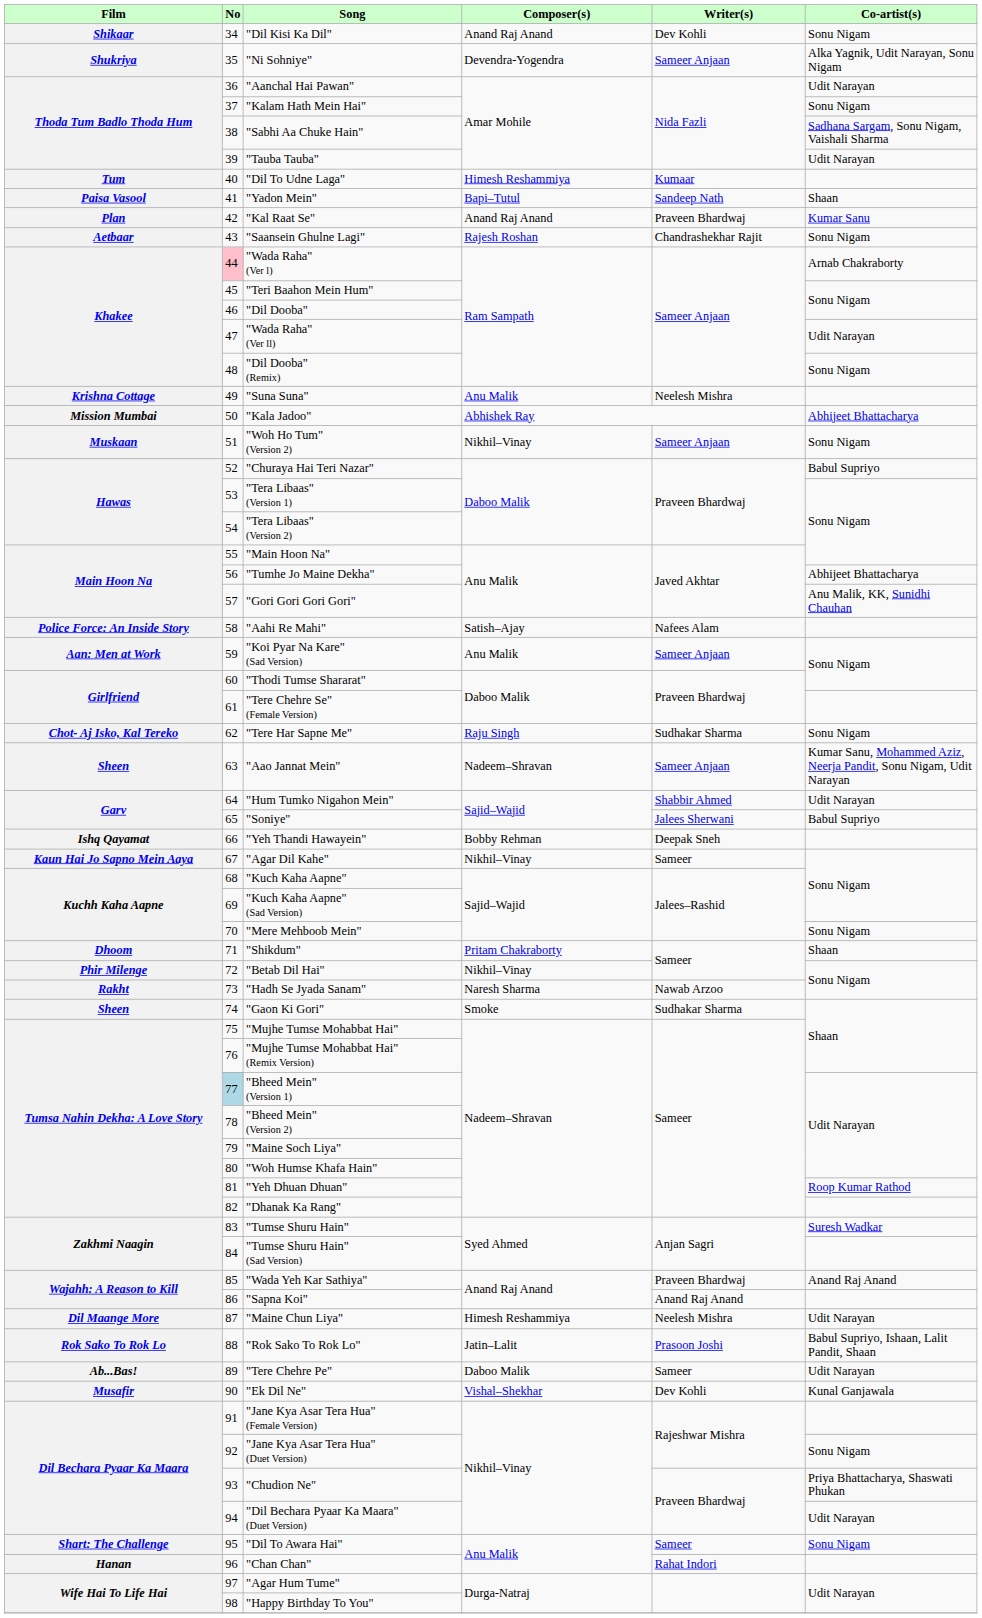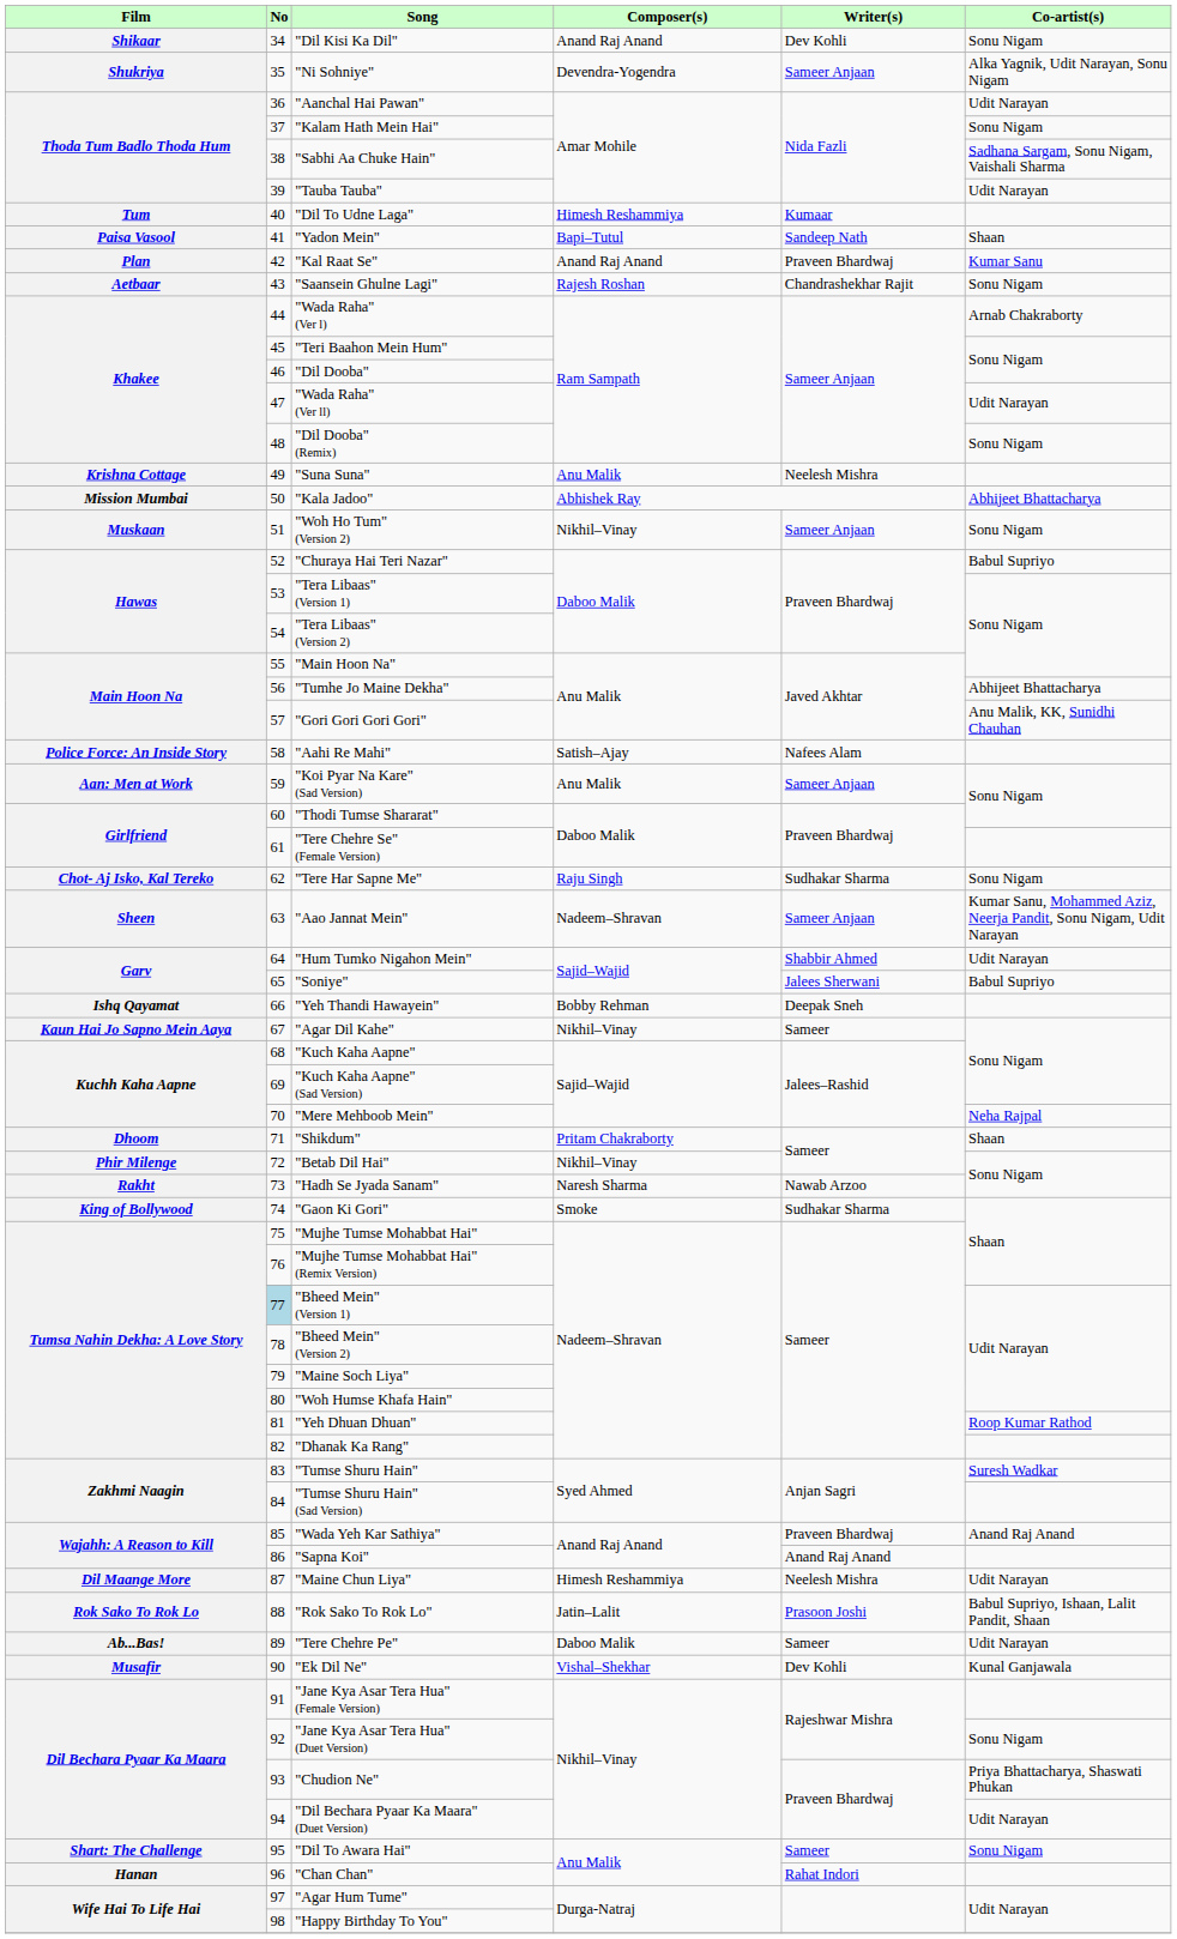 <table class="wikitable plainrowheaders" style="width:100%; textcolor:#000">
 <tr style="background:#cfc; text-align:center;">
 <td scope="col" style="width:23%;"><strong>Film</strong></td>
 <td><strong>No</strong></td>
 <td scope="col" style="width:23%;"><strong>Song</strong></td>
 <td scope="col" style="width:20%;"><strong>Composer(s)</strong></td>
 <td scope="col" style="width:16%;"><strong>Writer(s)</strong></td>
 <td scope="col" style="width:18%;"><strong>Co-artist(s)</strong></td>
 </tr>
 <tr>
 <th scope="row"><em><a href='#'>Shikaar</a></em></th>
 <td>34</td>
 <td>"Dil Kisi Ka Dil"</td>
 <td>Anand Raj Anand</td>
 <td>Dev Kohli</td>
 <td>Sonu Nigam</td>
 </tr>
 <tr>
 <th scope="row"><em><a href='#'>Shukriya</a></em></th>
 <td>35</td>
 <td>"Ni Sohniye"</td>
 <td>Devendra-Yogendra</td>
 <td><a href='#'>Sameer Anjaan</a></td>
 <td>Alka Yagnik, Udit Narayan, Sonu Nigam</td>
 </tr>
 <tr>
 <th scope="row" rowspan="4"><em><a href='#'>Thoda Tum Badlo Thoda Hum</a></em></th>
 <td>36</td>
 <td>"Aanchal Hai Pawan"</td>
 <td rowspan="4">Amar Mohile</td>
 <td rowspan="4"><a href='#'>Nida Fazli</a></td>
 <td>Udit Narayan</td>
 </tr>
 <tr>
 <td>37</td>
 <td>"Kalam Hath Mein Hai"</td>
 <td>Sonu Nigam</td>
 </tr>
 <tr>
 <td>38</td>
 <td>"Sabhi Aa Chuke Hain"</td>
 <td><a href='#'>Sadhana Sargam</a>, Sonu Nigam, Vaishali Sharma</td>
 </tr>
 <tr>
 <td>39</td>
 <td>"Tauba Tauba"</td>
 <td>Udit Narayan</td>
 </tr>
 <tr>
 <th scope="row"><em><a href='#'>Tum</a></em></th>
 <td>40</td>
 <td>"Dil To Udne Laga"</td>
 <td><a href='#'>Himesh Reshammiya</a></td>
 <td><a href='#'>Kumaar</a></td>
 <td></td>
 </tr>
 <tr>
 <th scope="row"><em><a href='#'>Paisa Vasool</a></em></th>
 <td>41</td>
 <td>"Yadon Mein"</td>
 <td><a href='#'>Bapi–Tutul</a></td>
 <td><a href='#'>Sandeep Nath</a></td>
 <td>Shaan</td>
 </tr>
 <tr>
 <th scope="row"><em><a href='#'>Plan</a></em></th>
 <td>42</td>
 <td>"Kal Raat Se"</td>
 <td>Anand Raj Anand</td>
 <td>Praveen Bhardwaj</td>
 <td><a href='#'>Kumar Sanu</a></td>
 </tr>
 <tr>
 <th scope="row"><em><a href='#'>Aetbaar</a></em></th>
 <td>43</td>
 <td>"Saansein Ghulne Lagi"</td>
 <td><a href='#'>Rajesh Roshan</a></td>
 <td>Chandrashekhar Rajit</td>
 <td>Sonu Nigam</td>
 </tr>
 <tr>
 <th scope="row" rowspan="5"><em><a href='#'>Khakee</a></em></th>
-<td style="background: pink;">44</td>
+<td>44</td>
 <td>"Wada Raha"<br><small>(Ver l)</small></td>
 <td rowspan="5"><a href='#'>Ram Sampath</a></td>
 <td rowspan="5"><a href='#'>Sameer Anjaan</a></td>
 <td>Arnab Chakraborty</td>
 </tr>
 <tr>
 <td>45</td>
 <td>"Teri Baahon Mein Hum"</td>
 <td rowspan="2">Sonu Nigam</td>
 </tr>
 <tr>
 <td>46</td>
 <td>"Dil Dooba"</td>
 </tr>
 <tr>
 <td>47</td>
 <td>"Wada Raha"<br><small>(Ver ll)</small></td>
 <td>Udit Narayan</td>
 </tr>
 <tr>
 <td>48</td>
 <td>"Dil Dooba"<br><small>(Remix)</small></td>
 <td>Sonu Nigam</td>
 </tr>
 <tr>
 <th scope="row"><em><a href='#'>Krishna Cottage</a></em></th>
 <td>49</td>
 <td>"Suna Suna"</td>
 <td><a href='#'>Anu Malik</a></td>
 <td>Neelesh Mishra</td>
 <td></td>
 </tr>
 <tr>
 <th scope="row"><em>Mission Mumbai</em></th>
 <td>50</td>
 <td>"Kala Jadoo"</td>
 <td colspan="2"><a href='#'>Abhishek Ray</a></td>
 <td><a href='#'>Abhijeet Bhattacharya</a></td>
 </tr>
 <tr>
 <th scope="row"><em><a href='#'>Muskaan</a></em></th>
 <td>51</td>
 <td>"Woh Ho Tum"<br><small>(Version 2)</small></td>
 <td>Nikhil–Vinay</td>
 <td><a href='#'>Sameer Anjaan</a></td>
 <td>Sonu Nigam</td>
 </tr>
 <tr>
 <th scope="row" rowspan="3"><em><a href='#'>Hawas</a></em></th>
 <td>52</td>
 <td>"Churaya Hai Teri Nazar"</td>
 <td rowspan="3"><a href='#'>Daboo Malik</a></td>
 <td rowspan="3">Praveen Bhardwaj</td>
 <td>Babul Supriyo</td>
 </tr>
 <tr>
 <td>53</td>
 <td>"Tera Libaas"<br><small>(Version 1)</small></td>
 <td rowspan="3">Sonu Nigam</td>
 </tr>
 <tr>
 <td>54</td>
 <td>"Tera Libaas"<br><small>(Version 2)</small></td>
 </tr>
 <tr>
 <th scope="row" rowspan="3"><em><a href='#'>Main Hoon Na</a></em></th>
 <td>55</td>
 <td>"Main Hoon Na"</td>
 <td rowspan="3">Anu Malik</td>
 <td rowspan="3">Javed Akhtar</td>
 </tr>
 <tr>
 <td>56</td>
 <td>"Tumhe Jo Maine Dekha"</td>
 <td>Abhijeet Bhattacharya</td>
 </tr>
 <tr>
 <td>57</td>
 <td>"Gori Gori Gori Gori"</td>
 <td>Anu Malik, KK, <a href='#'>Sunidhi Chauhan</a></td>
 </tr>
 <tr>
 <th scope="row"><em><a href='#'>Police Force: An Inside Story</a></em></th>
 <td>58</td>
 <td>"Aahi Re Mahi"</td>
 <td>Satish–Ajay</td>
 <td>Nafees Alam</td>
 <td></td>
 </tr>
 <tr>
 <th scope="row"><em><a href='#'>Aan: Men at Work</a></em></th>
 <td>59</td>
 <td>"Koi Pyar Na Kare"<br><small>(Sad Version)</small></td>
 <td>Anu Malik</td>
 <td><a href='#'>Sameer Anjaan</a></td>
 <td rowspan="2">Sonu Nigam</td>
 </tr>
 <tr>
 <th scope="row" rowspan="2"><em><a href='#'>Girlfriend</a></em></th>
 <td>60</td>
 <td>"Thodi Tumse Shararat"</td>
 <td rowspan="2">Daboo Malik</td>
 <td rowspan="2">Praveen Bhardwaj</td>
 </tr>
 <tr>
 <td>61</td>
 <td>"Tere Chehre Se"<br><small>(Female Version)</small></td>
 <td></td>
 </tr>
 <tr>
 <th scope="row"><em><a href='#'>Chot- Aj Isko, Kal Tereko</a></em></th>
 <td>62</td>
 <td>"Tere Har Sapne Me"</td>
 <td><a href='#'>Raju Singh</a></td>
 <td>Sudhakar Sharma</td>
 <td>Sonu Nigam</td>
 </tr>
 <tr>
 <th scope="row"><em><a href='#'>Sheen</a></em></th>
 <td>63</td>
 <td>"Aao Jannat Mein"</td>
 <td>Nadeem–Shravan</td>
 <td><a href='#'>Sameer Anjaan</a></td>
 <td>Kumar Sanu, <a href='#'>Mohammed Aziz</a>, <a href='#'>Neerja Pandit</a>, Sonu Nigam, Udit Narayan</td>
 </tr>
 <tr>
 <th scope="row" rowspan="2"><em><a href='#'>Garv</a></em></th>
 <td>64</td>
 <td>"Hum Tumko Nigahon Mein"</td>
 <td rowspan="2"><a href='#'>Sajid–Wajid</a></td>
 <td><a href='#'>Shabbir Ahmed</a></td>
 <td>Udit Narayan</td>
 </tr>
 <tr>
 <td>65</td>
 <td>"Soniye"</td>
 <td><a href='#'>Jalees Sherwani</a></td>
 <td>Babul Supriyo</td>
 </tr>
 <tr>
 <th scope="row"><em>Ishq Qayamat</em></th>
 <td>66</td>
 <td>"Yeh Thandi Hawayein"</td>
 <td>Bobby Rehman</td>
 <td>Deepak Sneh</td>
 <td></td>
 </tr>
 <tr>
 <th scope="row"><em><a href='#'>Kaun Hai Jo Sapno Mein Aaya</a></em></th>
 <td>67</td>
 <td>"Agar Dil Kahe"</td>
 <td>Nikhil–Vinay</td>
 <td>Sameer</td>
 <td rowspan="3">Sonu Nigam</td>
 </tr>
 <tr>
 <th scope="row" rowspan="3"><em>Kuchh Kaha Aapne</em></th>
 <td>68</td>
 <td>"Kuch Kaha Aapne"</td>
 <td rowspan="3">Sajid–Wajid</td>
 <td rowspan="3">Jalees–Rashid</td>
 </tr>
 <tr>
 <td>69</td>
 <td>"Kuch Kaha Aapne"<br><small>(Sad Version)</small></td>
 </tr>
 <tr>
 <td>70</td>
 <td>"Mere Mehboob Mein"</td>
-<td>Sonu Nigam</td>
+<td><a href='#'>Neha Rajpal</a></td>
 </tr>
 <tr>
 <th scope="row"><em><a href='#'>Dhoom</a></em></th>
 <td>71</td>
 <td>"Shikdum"</td>
 <td><a href='#'>Pritam Chakraborty</a></td>
 <td rowspan="2">Sameer</td>
 <td>Shaan</td>
 </tr>
 <tr>
 <th scope="row"><em><a href='#'>Phir Milenge</a></em></th>
 <td>72</td>
 <td>"Betab Dil Hai"</td>
 <td>Nikhil–Vinay</td>
 <td rowspan="2">Sonu Nigam</td>
 </tr>
 <tr>
 <th scope="row"><em><a href='#'>Rakht</a></em></th>
 <td>73</td>
 <td>"Hadh Se Jyada Sanam"</td>
 <td>Naresh Sharma</td>
 <td>Nawab Arzoo</td>
 </tr>
 <tr>
-<th scope="row"><em><a href='#'>Sheen</a></em></th>
+<th scope="row"><em><a href='#'>King of Bollywood</a></em></th>
 <td>74</td>
 <td>"Gaon Ki Gori"</td>
 <td>Smoke</td>
 <td>Sudhakar Sharma</td>
 <td rowspan="3">Shaan</td>
 </tr>
 <tr>
 <th scope="row" rowspan="8"><em><a href='#'>Tumsa Nahin Dekha: A Love Story</a></em></th>
 <td>75</td>
 <td>"Mujhe Tumse Mohabbat Hai"</td>
 <td rowspan="8">Nadeem–Shravan</td>
 <td rowspan="8">Sameer</td>
 </tr>
 <tr>
 <td>76</td>
 <td>"Mujhe Tumse Mohabbat Hai"<br><small>(Remix Version)</small></td>
 </tr>
 <tr>
 <td style="background: lightblue;">77</td>
 <td>"Bheed Mein"<br><small>(Version 1)</small></td>
 <td rowspan="4">Udit Narayan</td>
 </tr>
 <tr>
 <td>78</td>
 <td>"Bheed Mein"<br><small>(Version 2)</small></td>
 </tr>
 <tr>
 <td>79</td>
 <td>"Maine Soch Liya"</td>
 </tr>
 <tr>
 <td>80</td>
 <td>"Woh Humse Khafa Hain"</td>
 </tr>
 <tr>
 <td>81</td>
 <td>"Yeh Dhuan Dhuan"</td>
 <td><a href='#'>Roop Kumar Rathod</a></td>
 </tr>
 <tr>
 <td>82</td>
 <td>"Dhanak Ka Rang"</td>
 <td></td>
 </tr>
 <tr>
 <th scope="row" rowspan="2"><em>Zakhmi Naagin</em></th>
 <td>83</td>
 <td>"Tumse Shuru Hain"</td>
 <td rowspan="2">Syed Ahmed</td>
 <td rowspan="2">Anjan Sagri</td>
 <td><a href='#'>Suresh Wadkar</a></td>
 </tr>
 <tr>
 <td>84</td>
 <td>"Tumse Shuru Hain"<br><small>(Sad Version)</small></td>
 <td></td>
 </tr>
 <tr>
 <th scope="row" rowspan="2"><em><a href='#'>Wajahh: A Reason to Kill</a></em></th>
 <td>85</td>
 <td>"Wada Yeh Kar Sathiya"</td>
 <td rowspan="2">Anand Raj Anand</td>
 <td>Praveen Bhardwaj</td>
 <td>Anand Raj Anand</td>
 </tr>
 <tr>
 <td>86</td>
 <td>"Sapna Koi"</td>
 <td>Anand Raj Anand</td>
 <td></td>
 </tr>
 <tr>
 <th scope="row"><em><a href='#'>Dil Maange More</a></em></th>
 <td>87</td>
 <td>"Maine Chun Liya"</td>
 <td>Himesh Reshammiya</td>
 <td>Neelesh Mishra</td>
 <td>Udit Narayan</td>
 </tr>
 <tr>
 <th scope="row"><em><a href='#'>Rok Sako To Rok Lo</a></em></th>
 <td>88</td>
 <td>"Rok Sako To Rok Lo"</td>
 <td>Jatin–Lalit</td>
 <td><a href='#'>Prasoon Joshi</a></td>
 <td>Babul Supriyo, Ishaan, Lalit Pandit, Shaan</td>
 </tr>
 <tr>
 <th scope="row"><em>Ab...Bas!</em></th>
 <td>89</td>
 <td>"Tere Chehre Pe"</td>
 <td>Daboo Malik</td>
 <td>Sameer</td>
 <td>Udit Narayan</td>
 </tr>
 <tr>
 <th scope="row"><em><a href='#'>Musafir</a></em></th>
 <td>90</td>
 <td>"Ek Dil Ne"</td>
 <td><a href='#'>Vishal–Shekhar</a></td>
 <td>Dev Kohli</td>
 <td>Kunal Ganjawala</td>
 </tr>
 <tr>
 <th scope="row" rowspan="4"><em><a href='#'>Dil Bechara Pyaar Ka Maara</a></em></th>
 <td>91</td>
 <td>"Jane Kya Asar Tera Hua"<br><small>(Female Version)</small></td>
 <td rowspan="4">Nikhil–Vinay</td>
 <td rowspan="2">Rajeshwar Mishra</td>
 <td></td>
 </tr>
 <tr>
 <td>92</td>
 <td>"Jane Kya Asar Tera Hua"<br><small>(Duet Version)</small></td>
 <td>Sonu Nigam</td>
 </tr>
 <tr>
 <td>93</td>
 <td>"Chudion Ne"</td>
 <td rowspan="2">Praveen Bhardwaj</td>
 <td>Priya Bhattacharya, Shaswati Phukan</td>
 </tr>
 <tr>
 <td>94</td>
 <td>"Dil Bechara Pyaar Ka Maara"<br><small>(Duet Version)</small></td>
 <td>Udit Narayan</td>
 </tr>
 <tr>
 <th scope="row"><em><a href='#'>Shart: The Challenge</a></em></th>
 <td>95</td>
 <td>"Dil To Awara Hai"</td>
 <td rowspan="2"><a href='#'>Anu Malik</a></td>
 <td><a href='#'>Sameer</a></td>
 <td><a href='#'>Sonu Nigam</a></td>
 </tr>
 <tr>
 <th scope="row"><em>Hanan</em></th>
 <td>96</td>
 <td>"Chan Chan"</td>
 <td><a href='#'>Rahat Indori</a></td>
 <td></td>
 </tr>
 <tr>
 <th scope="row" rowspan="2"><em>Wife Hai To Life Hai</em></th>
 <td>97</td>
 <td>"Agar Hum Tume"</td>
 <td rowspan="2">Durga-Natraj</td>
 <td rowspan="2"></td>
 <td rowspan="2">Udit Narayan</td>
 </tr>
 <tr>
 <td>98</td>
 <td>"Happy Birthday To You"</td>
 </tr>
 <tr>
 </tr>
 </table>
